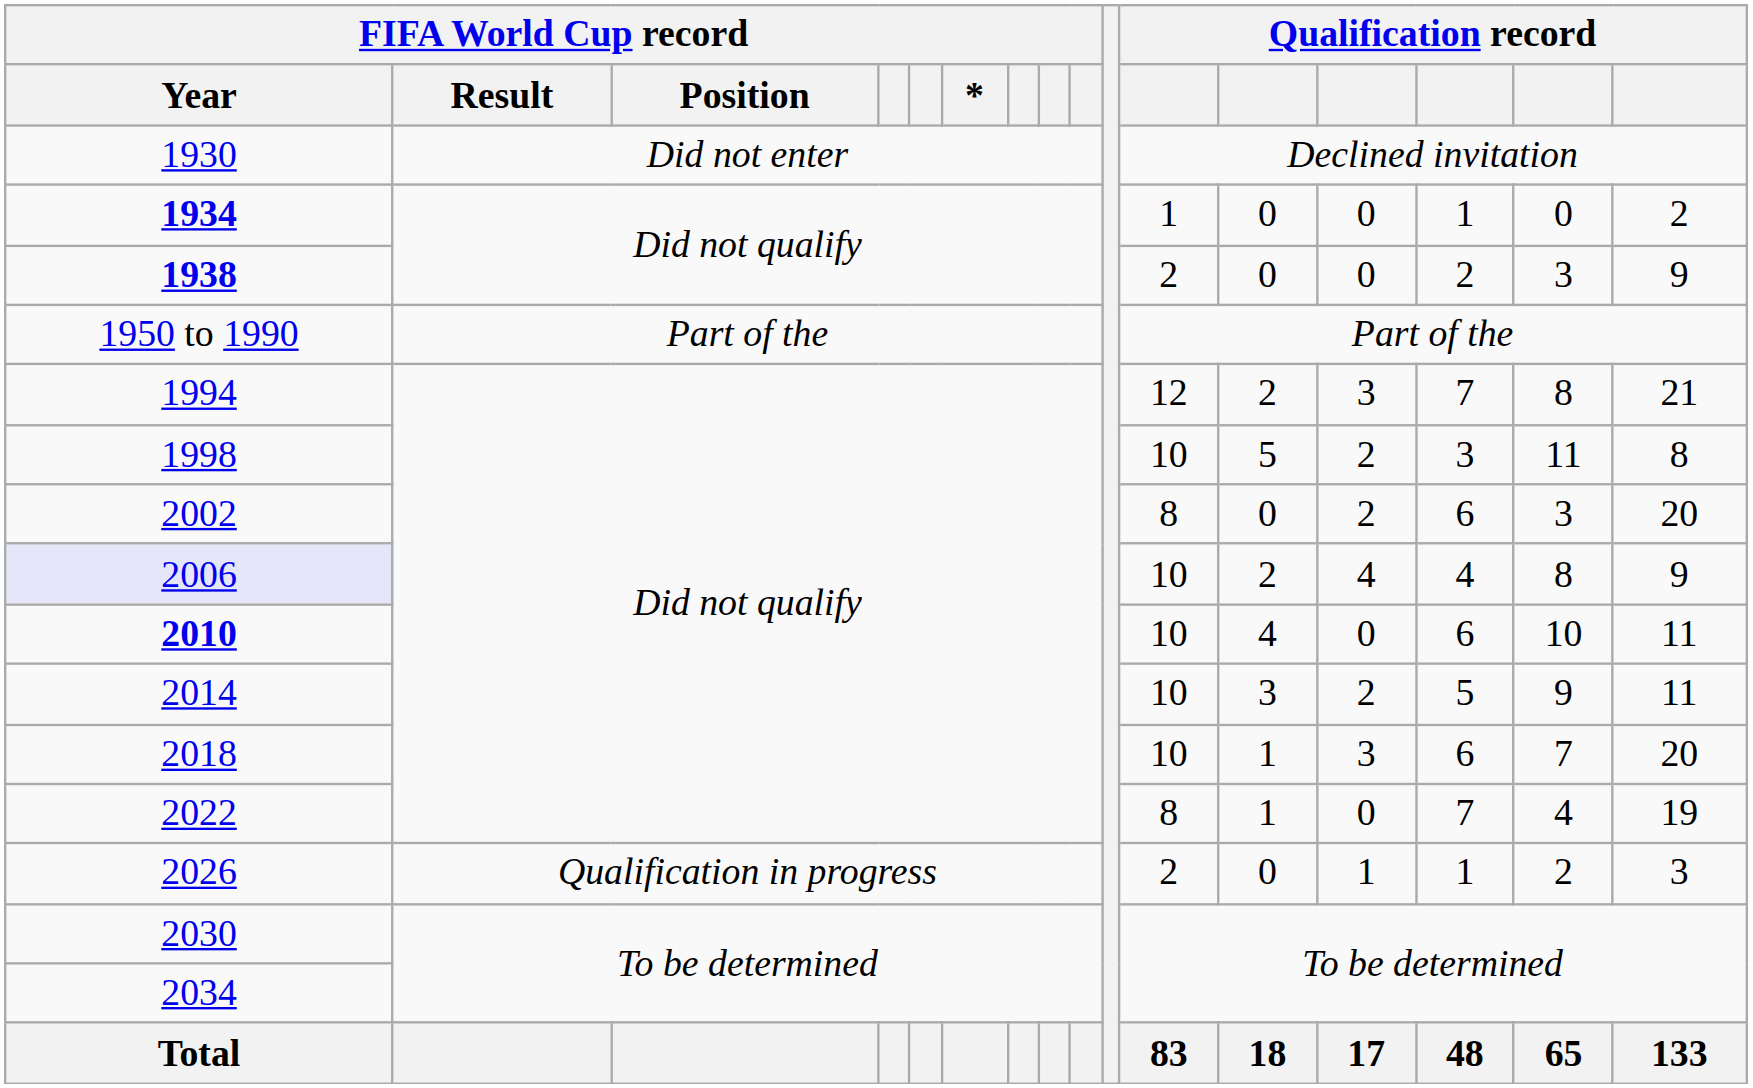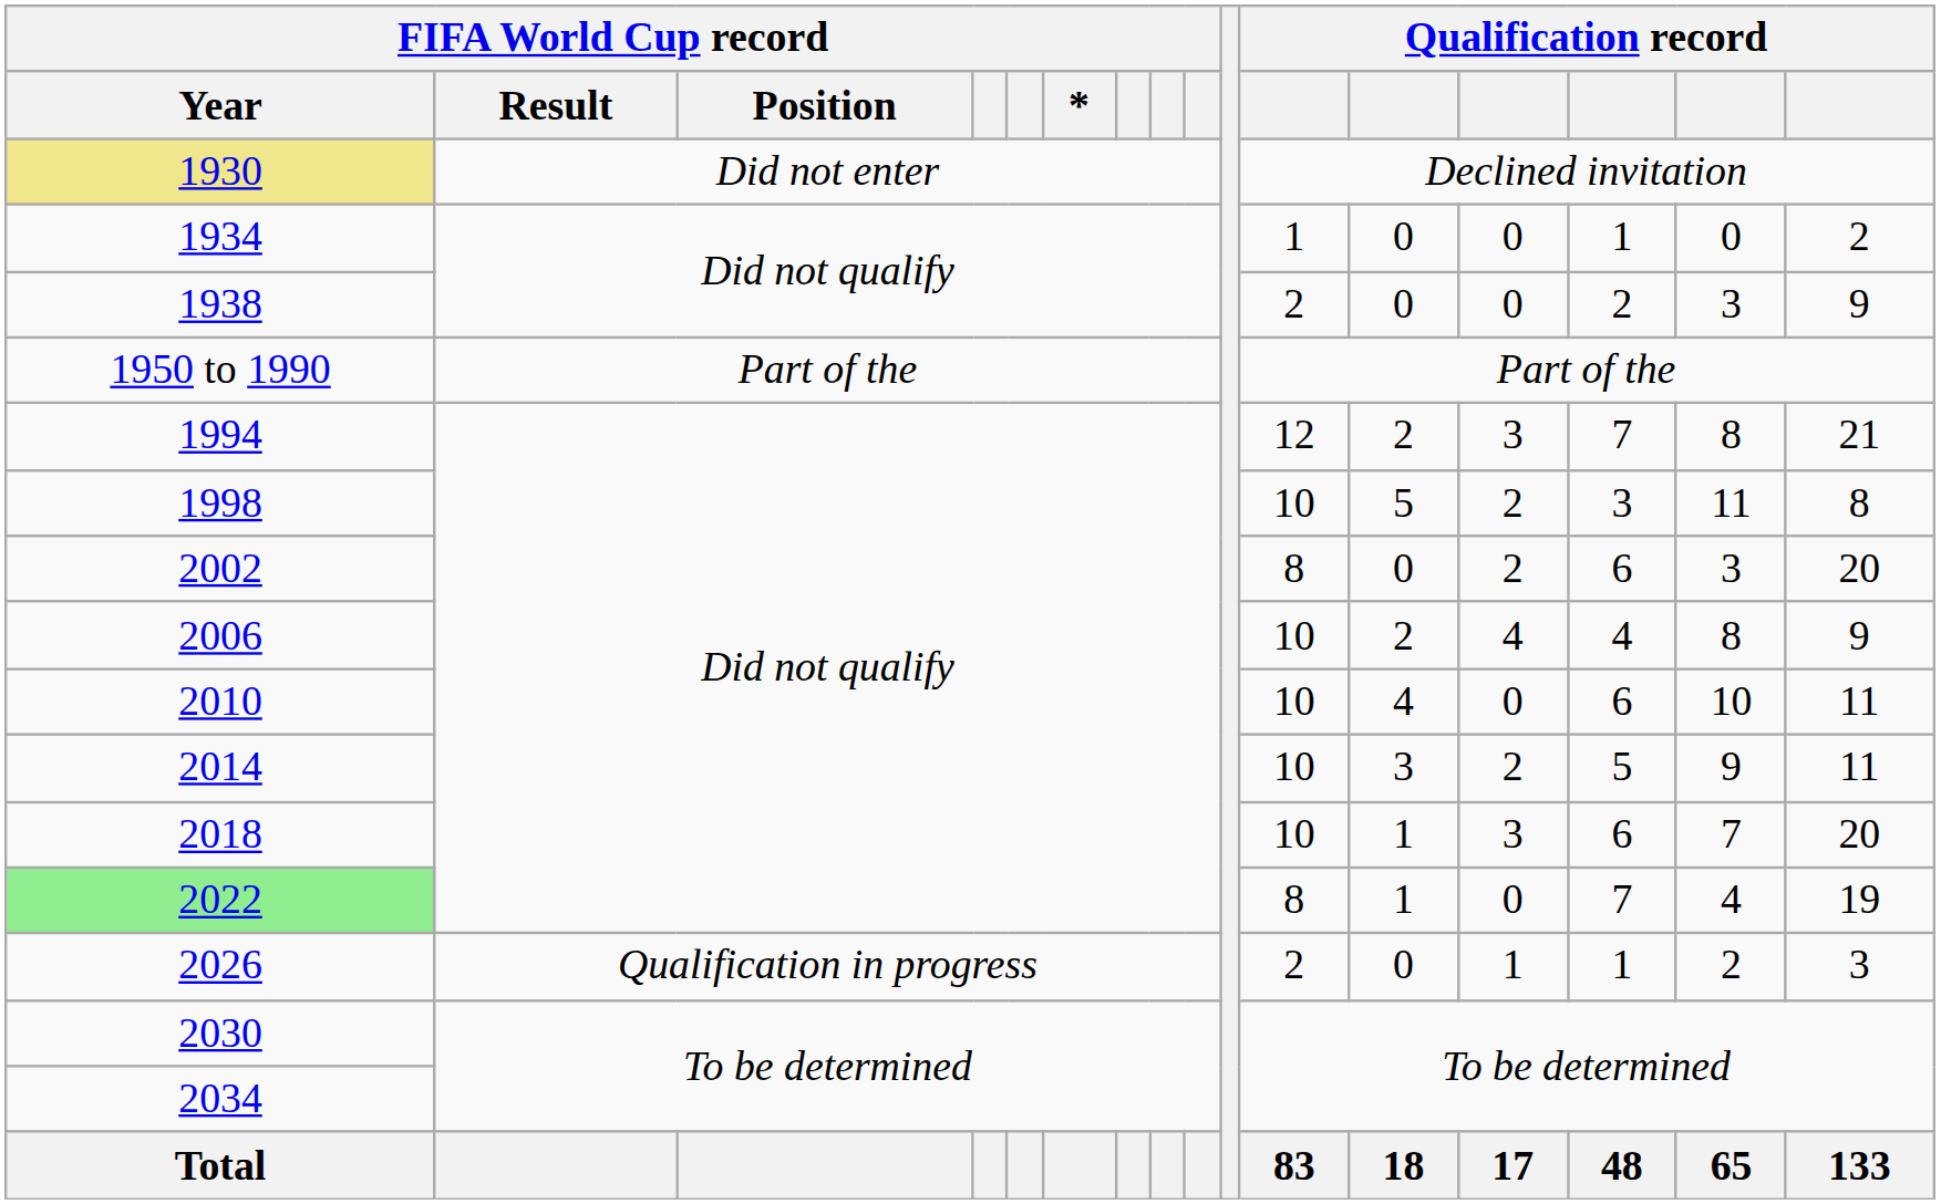 <table class="wikitable" style="text-align: center;">
 <tr>
 <th colspan=9><a href='#'>FIFA World Cup</a> record</th>
 <th width=1% rowspan=28></th>
 <th colspan=6><a href='#'>Qualification</a> record</th>
 </tr>
 <tr>
 <th>Year</th>
 <th>Result</th>
 <th>Position</th>
 <th></th>
 <th></th>
 <th>*</th>
 <th></th>
 <th></th>
 <th></th>
 <th></th>
 <th></th>
 <th></th>
 <th></th>
 <th></th>
 <th></th>
 </tr>
 <tr>
-<td> <a href='#'>1930</a></td>
+<td style="background: khaki;"> <a href='#'>1930</a></td>
 <td colspan=8><em>Did not enter</em></td>
 <td colspan=6><em>Declined invitation</em></td>
 </tr>
 <tr>
-<td><strong> <a href='#'>1934</a></strong></td>
+<td> <a href='#'>1934</a></td>
 <td colspan=8 rowspan=2><em>Did not qualify</em></td>
 <td>1</td>
 <td>0</td>
 <td>0</td>
 <td>1</td>
 <td>0</td>
 <td>2</td>
 </tr>
 <tr>
-<td><strong> <a href='#'>1938</a></strong></td>
+<td> <a href='#'>1938</a></td>
 <td>2</td>
 <td>0</td>
 <td>0</td>
 <td>2</td>
 <td>3</td>
 <td>9</td>
 </tr>
 <tr>
 <td> <a href='#'>1950</a> to  <a href='#'>1990</a></td>
 <td colspan=8><em>Part of the </em></td>
 <td colspan=6><em>Part of the </em></td>
 </tr>
 <tr>
 <td> <a href='#'>1994</a></td>
 <td colspan=8 rowspan=8><em>Did not qualify</em></td>
 <td>12</td>
 <td>2</td>
 <td>3</td>
 <td>7</td>
 <td>8</td>
 <td>21</td>
 </tr>
 <tr>
 <td> <a href='#'>1998</a></td>
 <td>10</td>
 <td>5</td>
 <td>2</td>
 <td>3</td>
 <td>11</td>
 <td>8</td>
 </tr>
 <tr>
 <td>  <a href='#'>2002</a></td>
 <td>8</td>
 <td>0</td>
 <td>2</td>
 <td>6</td>
 <td>3</td>
 <td>20</td>
 </tr>
 <tr>
-<td style="background: lavender;"> <a href='#'>2006</a></td>
+<td> <a href='#'>2006</a></td>
 <td>10</td>
 <td>2</td>
 <td>4</td>
 <td>4</td>
 <td>8</td>
 <td>9</td>
 </tr>
 <tr>
-<td><strong> <a href='#'>2010</a></strong></td>
+<td> <a href='#'>2010</a></td>
 <td>10</td>
 <td>4</td>
 <td>0</td>
 <td>6</td>
 <td>10</td>
 <td>11</td>
 </tr>
 <tr>
 <td> <a href='#'>2014</a></td>
 <td>10</td>
 <td>3</td>
 <td>2</td>
 <td>5</td>
 <td>9</td>
 <td>11</td>
 </tr>
 <tr>
 <td> <a href='#'>2018</a></td>
 <td>10</td>
 <td>1</td>
 <td>3</td>
 <td>6</td>
 <td>7</td>
 <td>20</td>
 </tr>
 <tr>
-<td> <a href='#'>2022</a></td>
+<td style="background: lightgreen;"> <a href='#'>2022</a></td>
 <td>8</td>
 <td>1</td>
 <td>0</td>
 <td>7</td>
 <td>4</td>
 <td>19</td>
 </tr>
 <tr>
 <td>   <a href='#'>2026</a></td>
 <td colspan=8><em>Qualification in progress</em></td>
 <td>2</td>
 <td>0</td>
 <td>1</td>
 <td>1</td>
 <td>2</td>
 <td>3</td>
 </tr>
 <tr>
 <td>   <a href='#'>2030</a></td>
 <td colspan=8 rowspan=2><em>To be determined</em></td>
 <td colspan=8 rowspan=2><em>To be determined</em></td>
 </tr>
 <tr>
 <td> <a href='#'>2034</a></td>
 </tr>
 <tr>
 <th>Total</th>
 <th></th>
 <th></th>
 <th></th>
 <th></th>
 <th></th>
 <th></th>
 <th></th>
 <th></th>
 <th>83</th>
 <th>18</th>
 <th>17</th>
 <th>48</th>
 <th>65</th>
 <th>133</th>
 </tr>
 </table>
